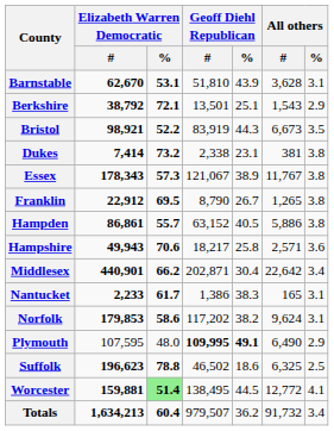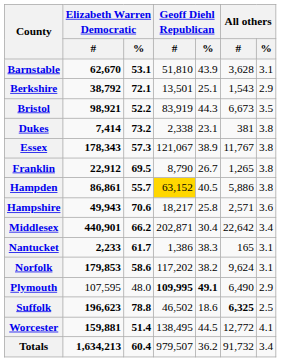 <table class="wikitable sortable" style="text-align:right;font-size:90%;line-height:1.3">
 <tr>
 <th rowspan="2">County</th>
 <th colspan="2"><a href='#'>Elizabeth Warren</a><br><a href='#'>Democratic</a></th>
 <th colspan="2"><a href='#'>Geoff Diehl</a><br><a href='#'>Republican</a></th>
 <th colspan="2">All others</th>
 </tr>
 <tr>
 <th data-sort-type="number">#</th>
 <th data-sort-type="number">%</th>
 <th data-sort-type="number">#</th>
 <th data-sort-type="number">%</th>
 <th data-sort-type="number">#</th>
 <th data-sort-type="number">%</th>
 </tr>
 <tr>
 <th><a href='#'>Barnstable</a></th>
 <td><strong>62,670</strong></td>
 <td><strong>53.1</strong></td>
 <td>51,810</td>
 <td>43.9</td>
 <td>3,628</td>
 <td>3.1</td>
 </tr>
 <tr>
 <th><a href='#'>Berkshire</a></th>
 <td><strong>38,792</strong></td>
 <td><strong>72.1</strong></td>
 <td>13,501</td>
 <td>25.1</td>
 <td>1,543</td>
 <td>2.9</td>
 </tr>
 <tr>
 <th><a href='#'>Bristol</a></th>
 <td><strong>98,921</strong></td>
 <td><strong>52.2</strong></td>
 <td>83,919</td>
 <td>44.3</td>
 <td>6,673</td>
 <td>3.5</td>
 </tr>
 <tr>
 <th><a href='#'>Dukes</a></th>
 <td><strong>7,414</strong></td>
 <td><strong>73.2</strong></td>
 <td>2,338</td>
 <td>23.1</td>
 <td>381</td>
 <td>3.8</td>
 </tr>
 <tr>
 <th><a href='#'>Essex</a></th>
 <td><strong>178,343</strong></td>
 <td><strong>57.3</strong></td>
 <td>121,067</td>
 <td>38.9</td>
 <td>11,767</td>
 <td>3.8</td>
 </tr>
 <tr>
 <th><a href='#'>Franklin</a></th>
 <td><strong>22,912</strong></td>
 <td><strong>69.5</strong></td>
 <td>8,790</td>
 <td>26.7</td>
 <td>1,265</td>
 <td>3.8</td>
 </tr>
 <tr>
 <th><a href='#'>Hampden</a></th>
 <td><strong>86,861</strong></td>
 <td><strong>55.7</strong></td>
-<td>63,152</td>
+<td style="background: gold;">63,152</td>
 <td>40.5</td>
 <td>5,886</td>
 <td>3.8</td>
 </tr>
 <tr>
 <th><a href='#'>Hampshire</a></th>
 <td><strong>49,943</strong></td>
 <td><strong>70.6</strong></td>
 <td>18,217</td>
 <td>25.8</td>
 <td>2,571</td>
 <td>3.6</td>
 </tr>
 <tr>
 <th><a href='#'>Middlesex</a></th>
 <td><strong>440,901</strong></td>
 <td><strong>66.2</strong></td>
 <td>202,871</td>
 <td>30.4</td>
 <td>22,642</td>
 <td>3.4</td>
 </tr>
 <tr>
 <th><a href='#'>Nantucket</a></th>
 <td><strong>2,233</strong></td>
 <td><strong>61.7</strong></td>
 <td>1,386</td>
 <td>38.3</td>
 <td>165</td>
 <td>3.1</td>
 </tr>
 <tr>
 <th><a href='#'>Norfolk</a></th>
 <td><strong>179,853</strong></td>
 <td><strong>58.6</strong></td>
 <td>117,202</td>
 <td>38.2</td>
 <td>9,624</td>
 <td>3.1</td>
 </tr>
 <tr>
 <th><a href='#'>Plymouth</a></th>
 <td>107,595</td>
 <td>48.0</td>
 <td><strong>109,995</strong></td>
 <td><strong>49.1</strong></td>
 <td>6,490</td>
 <td>2.9</td>
 </tr>
 <tr>
 <th><a href='#'>Suffolk</a></th>
 <td><strong>196,623</strong></td>
 <td><strong>78.8</strong></td>
 <td>46,502</td>
 <td>18.6</td>
-<td>6,325</td>
+<td><strong>6,325</strong></td>
 <td>2.5</td>
 </tr>
 <tr>
 <th><a href='#'>Worcester</a></th>
 <td><strong>159,881</strong></td>
-<td style="background: lightgreen;"><strong>51.4</strong></td>
+<td><strong>51.4</strong></td>
 <td>138,495</td>
 <td>44.5</td>
 <td>12,772</td>
 <td>4.1</td>
 </tr>
 <tr class=sortbottom>
 <th>Totals</th>
 <td><strong>1,634,213</strong></td>
 <td><strong>60.4</strong></td>
 <td>979,507</td>
 <td>36.2</td>
 <td>91,732</td>
 <td>3.4</td>
 </tr>
 </table>
